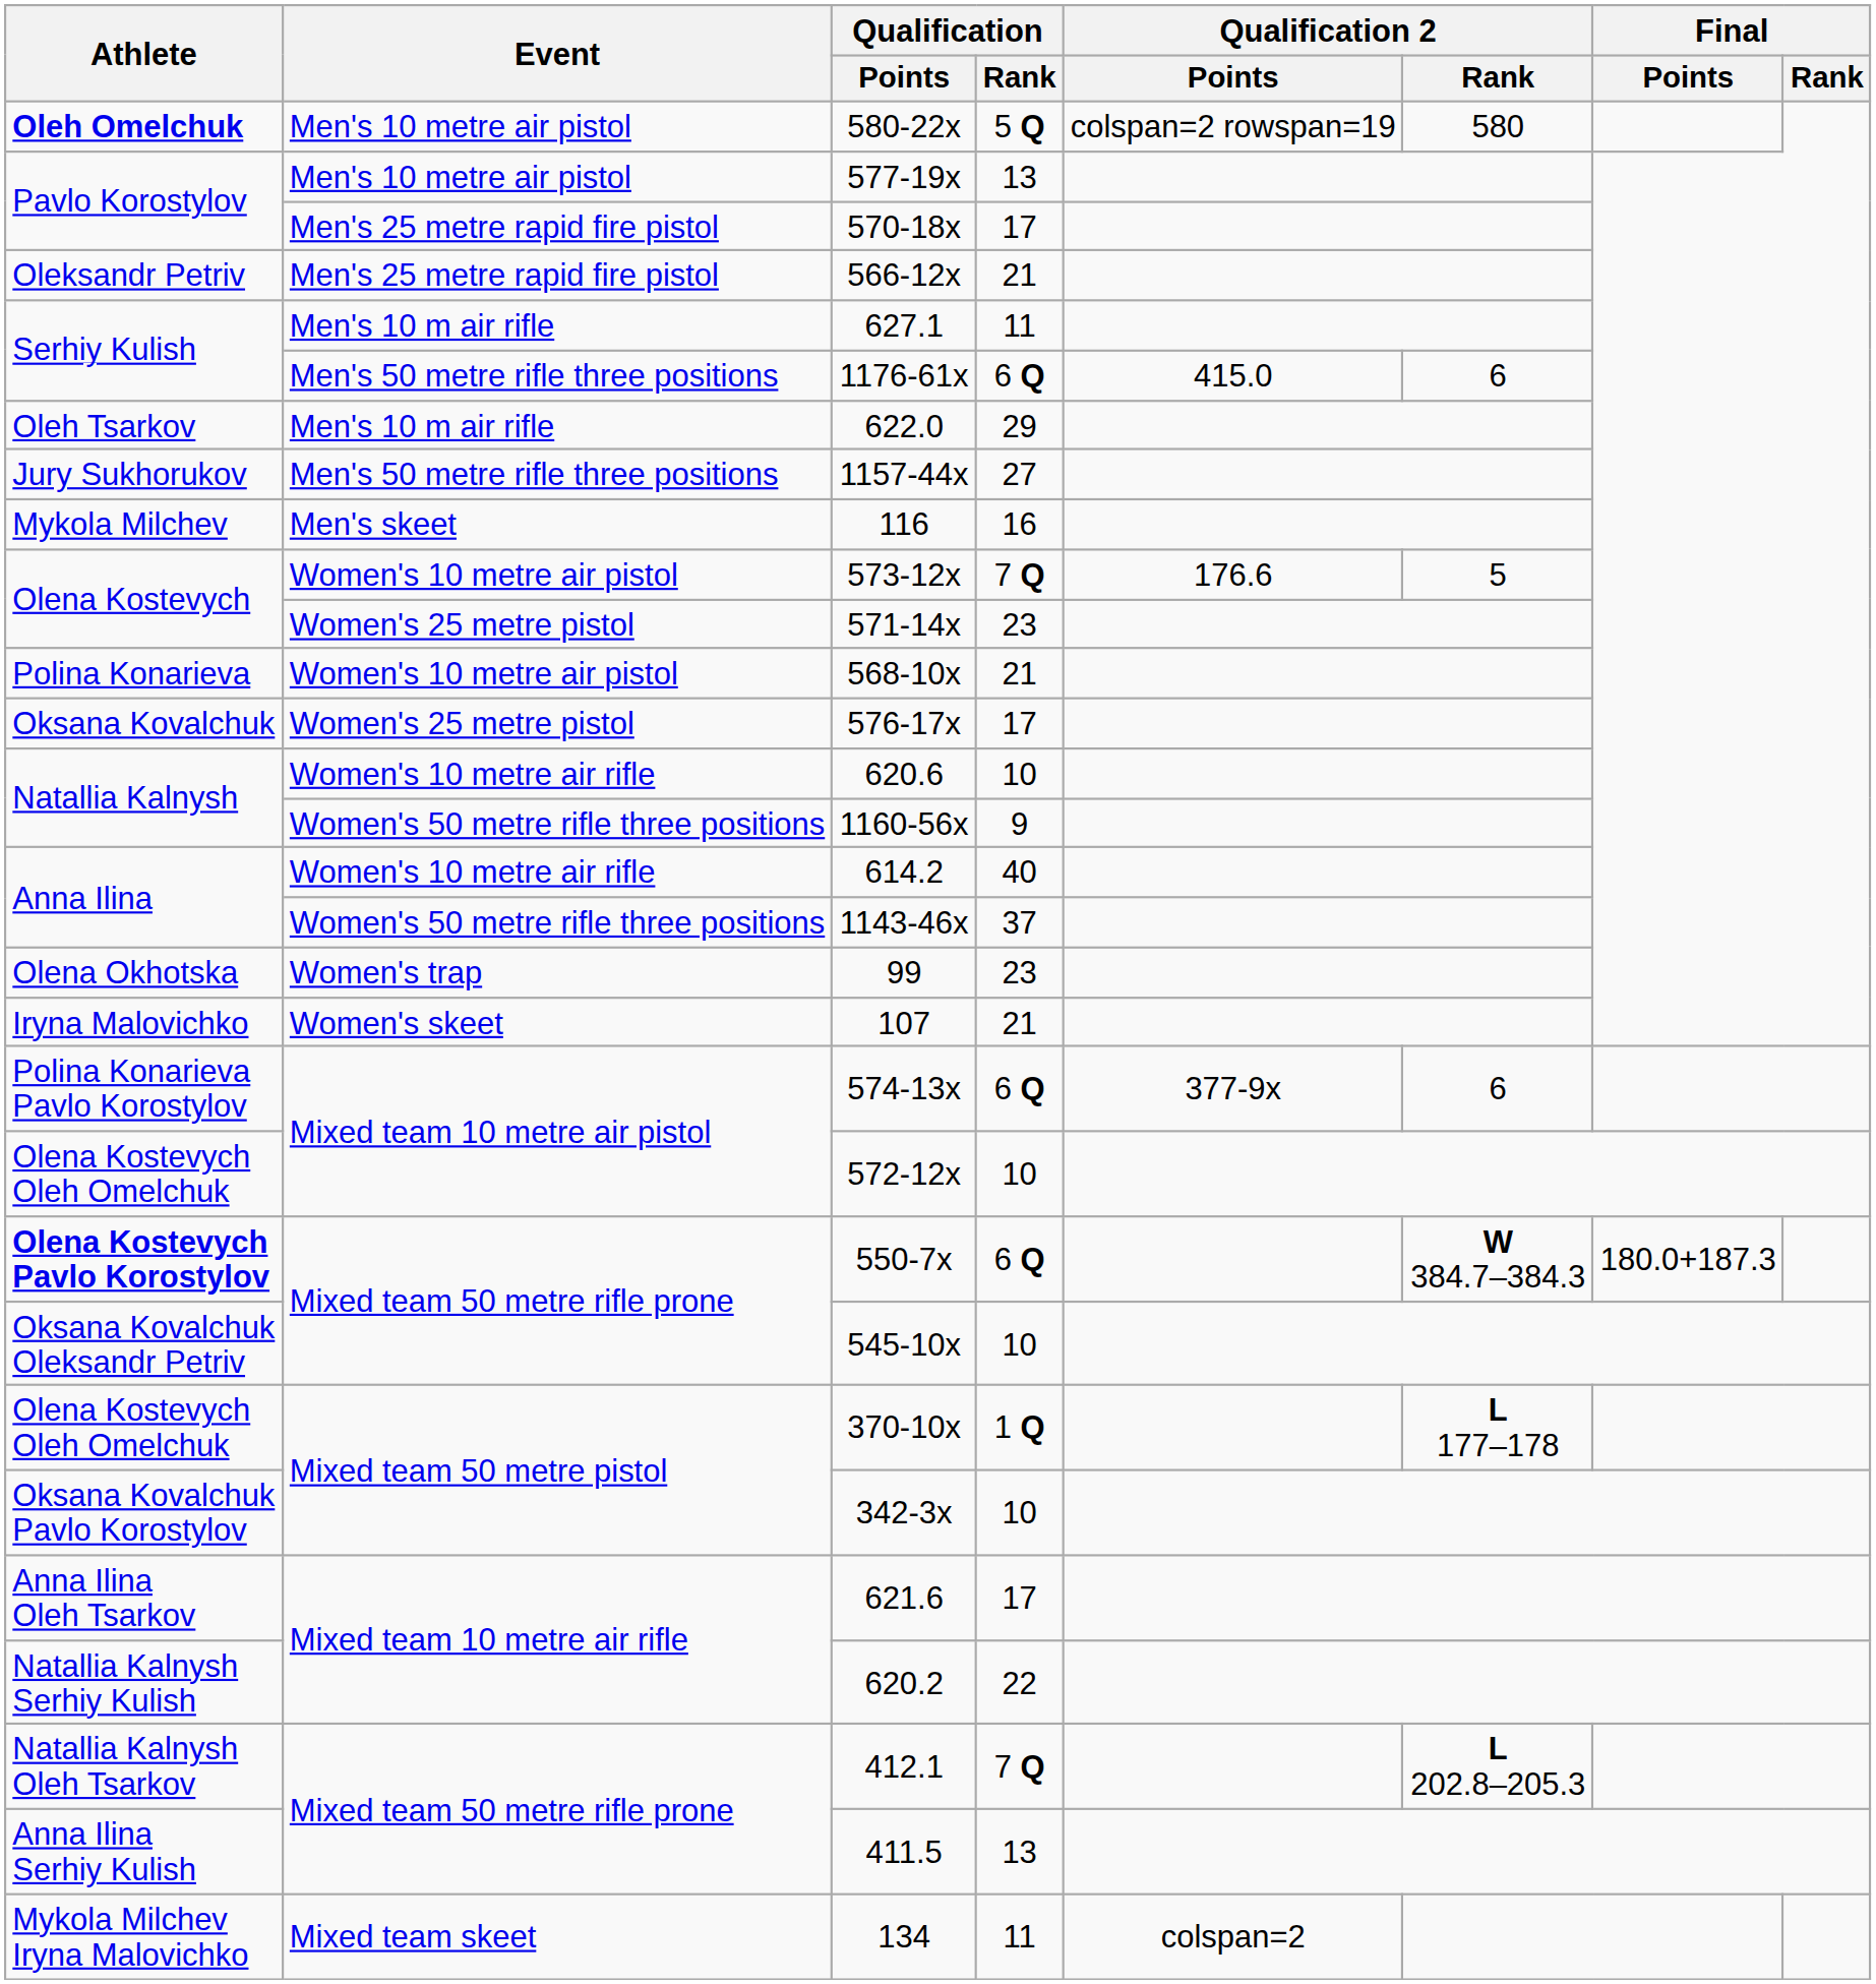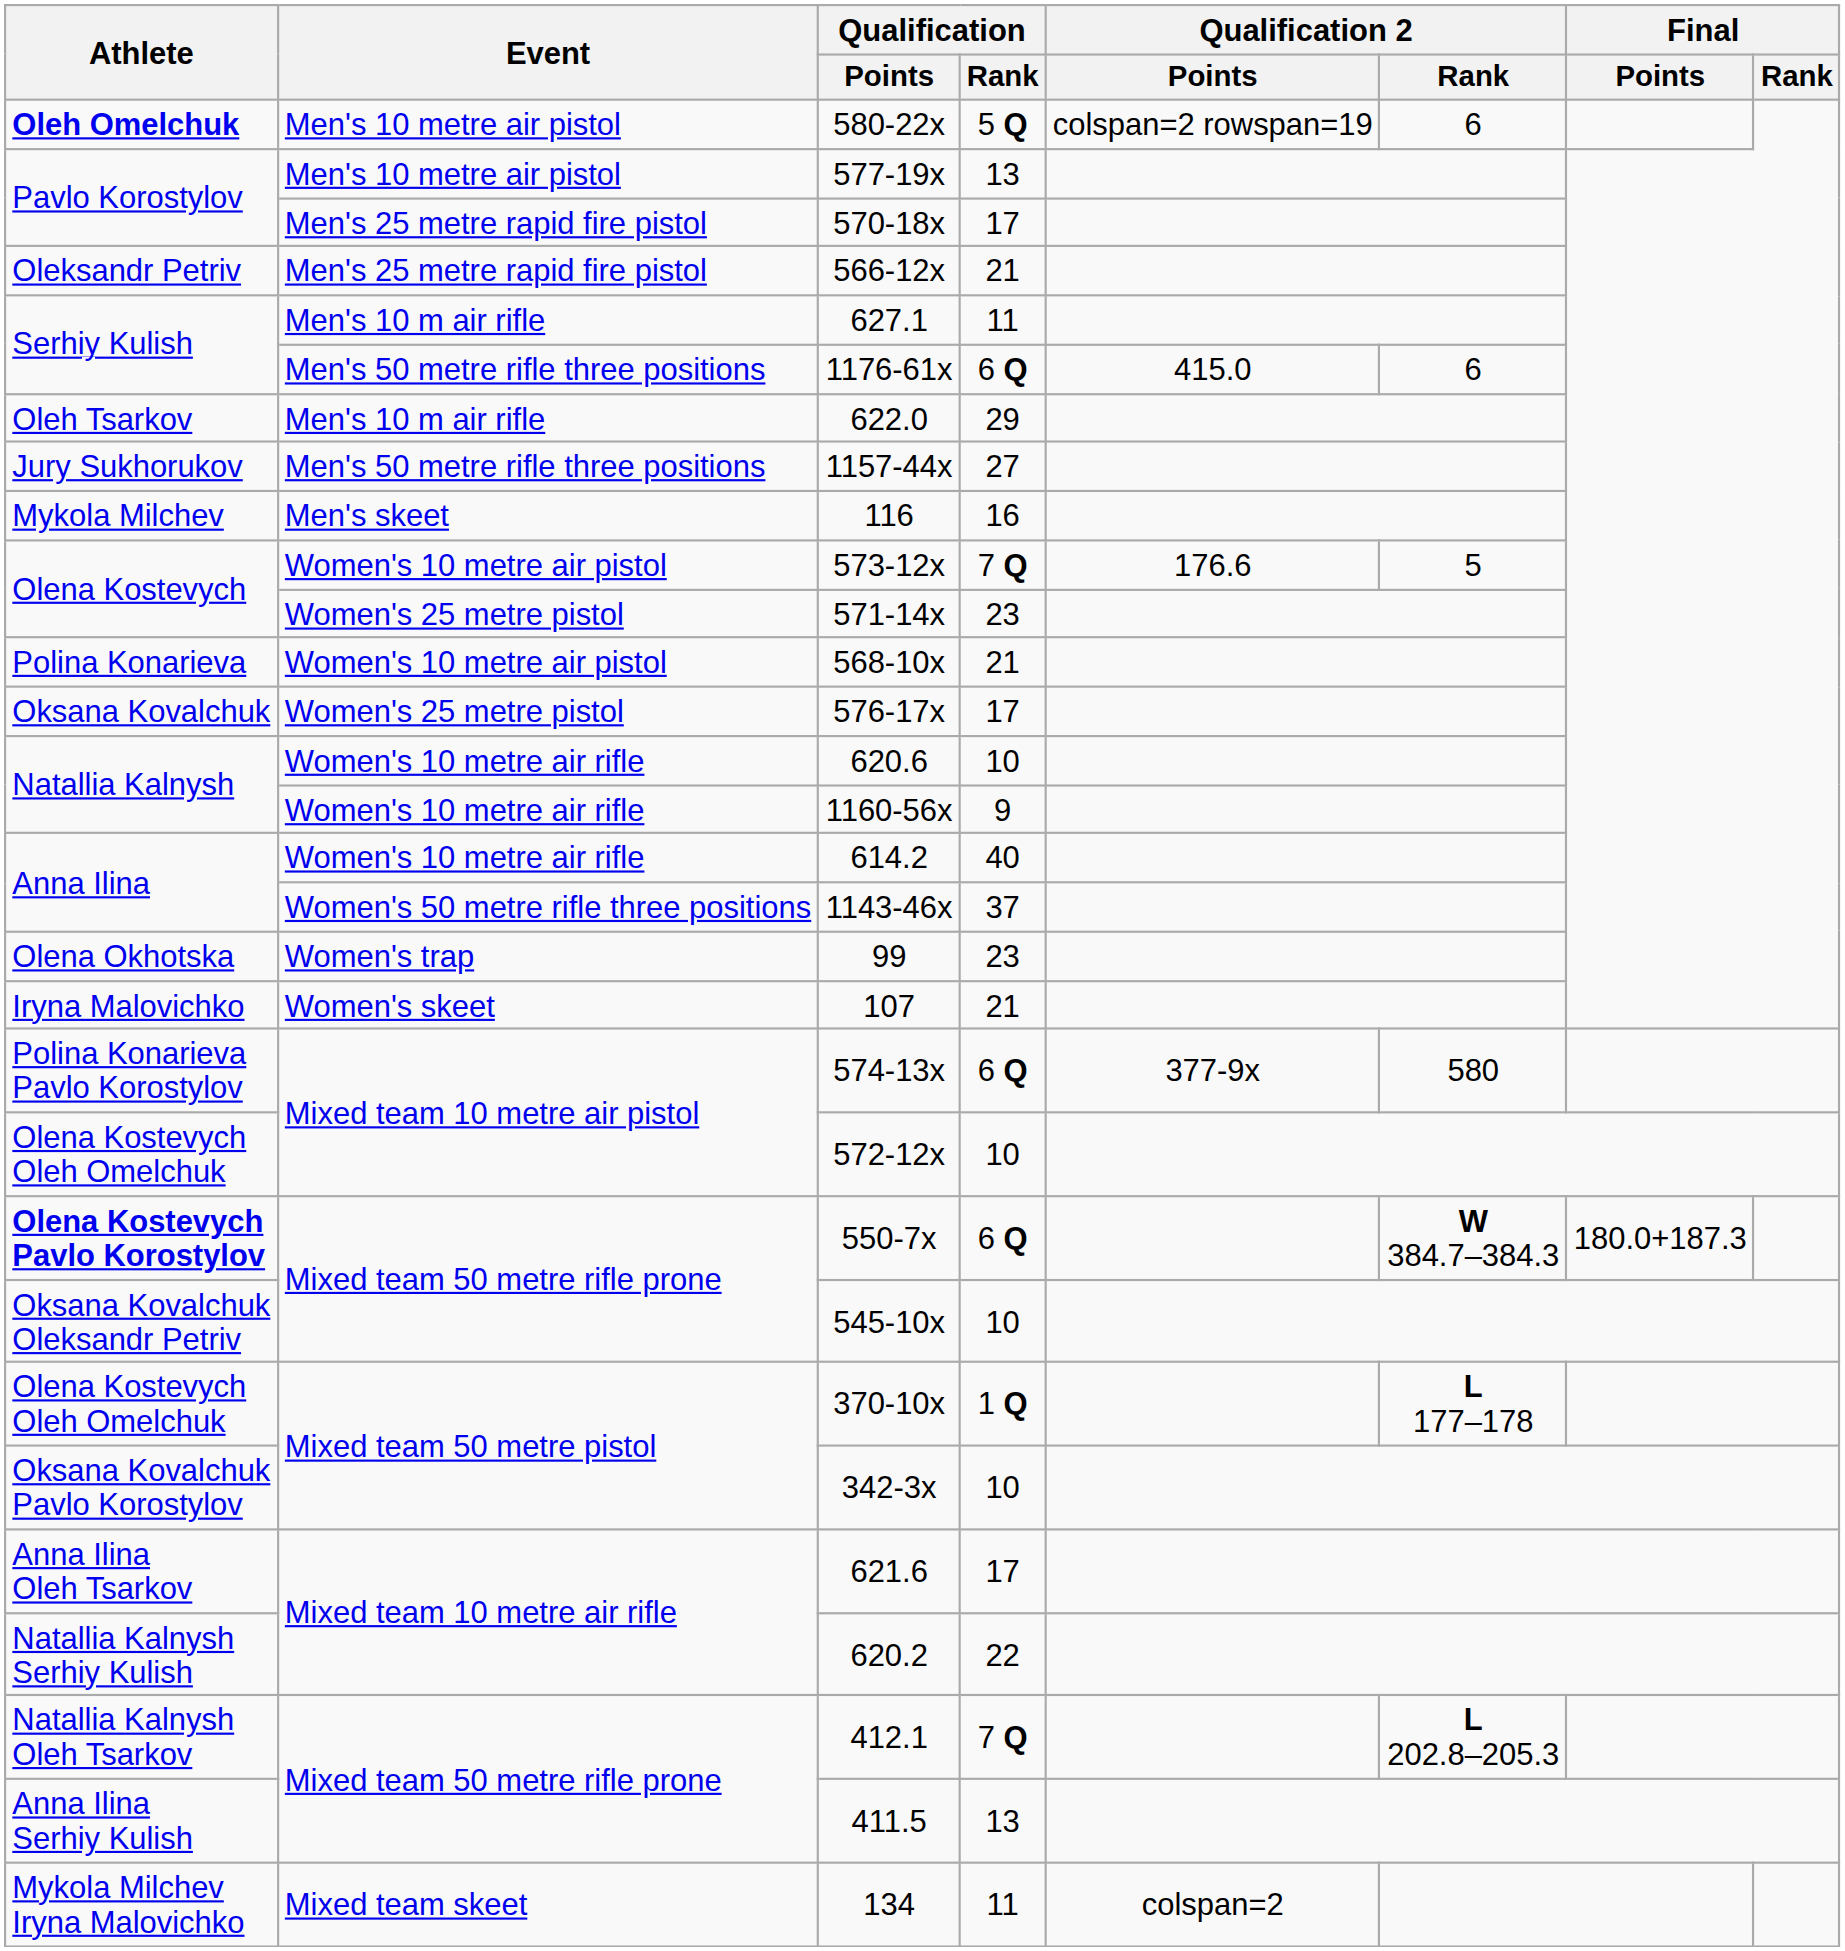 <table class="wikitable" style="font-size:90%">
 <tr>
 <th rowspan="2">Athlete</th>
 <th rowspan="2">Event</th>
 <th colspan=2>Qualification</th>
 <th colspan=2>Qualification 2</th>
 <th colspan=2>Final</th>
 </tr>
 <tr style="font-size:95%">
 <th>Points</th>
 <th>Rank</th>
 <th>Points</th>
 <th>Rank</th>
 <th>Points</th>
 <th>Rank</th>
 </tr>
 <tr align=center>
 <td align=left><strong><a href='#'>Oleh Omelchuk</a></strong></td>
 <td align=left><a href='#'>Men's 10 metre air pistol</a></td>
 <td>580-22x</td>
 <td>5 <strong>Q</strong></td>
 <td>colspan=2 rowspan=19 </td>
-<td>580</td>
+<td>6</td>
 <td></td>
 </tr>
 <tr align=center>
 <td align=left rowspan=2><a href='#'>Pavlo Korostylov</a></td>
 <td align=left><a href='#'>Men's 10 metre air pistol</a></td>
 <td>577-19x</td>
 <td>13</td>
 <td colspan=2></td>
 </tr>
 <tr align=center>
 <td align=left><a href='#'>Men's 25 metre rapid fire pistol</a></td>
 <td>570-18x</td>
 <td>17</td>
 <td colspan=2></td>
 </tr>
 <tr align=center>
 <td align=left><a href='#'>Oleksandr Petriv</a></td>
 <td align=left><a href='#'>Men's 25 metre rapid fire pistol</a></td>
 <td>566-12x</td>
 <td>21</td>
 <td colspan=2></td>
 </tr>
 <tr align=center>
 <td align=left rowspan=2><a href='#'>Serhiy Kulish</a></td>
 <td align=left><a href='#'>Men's 10 m air rifle</a></td>
 <td>627.1</td>
 <td>11</td>
 <td colspan=2></td>
 </tr>
 <tr align=center>
 <td align=left><a href='#'>Men's 50 metre rifle three positions</a></td>
 <td>1176-61x</td>
 <td>6 <strong>Q</strong></td>
 <td>415.0</td>
 <td>6</td>
 </tr>
 <tr align=center>
 <td align=left><a href='#'>Oleh Tsarkov</a></td>
 <td align=left><a href='#'>Men's 10 m air rifle</a></td>
 <td>622.0</td>
 <td>29</td>
 <td colspan=2></td>
 </tr>
 <tr align=center>
 <td align=left><a href='#'>Jury Sukhorukov</a></td>
 <td align=left><a href='#'>Men's 50 metre rifle three positions</a></td>
 <td>1157-44x</td>
 <td>27</td>
 <td colspan=2></td>
 </tr>
 <tr align=center>
 <td align=left><a href='#'>Mykola Milchev</a></td>
 <td align=left><a href='#'>Men's skeet</a></td>
 <td>116</td>
 <td>16</td>
 <td colspan=2></td>
 </tr>
 <tr align=center>
 <td align=left rowspan=2><a href='#'>Olena Kostevych</a></td>
 <td align=left><a href='#'>Women's 10 metre air pistol</a></td>
 <td>573-12x</td>
 <td>7 <strong>Q</strong></td>
 <td>176.6</td>
 <td>5</td>
 </tr>
 <tr align=center>
 <td align=left><a href='#'>Women's 25 metre pistol</a></td>
 <td>571-14x</td>
 <td>23</td>
 <td colspan=2></td>
 </tr>
 <tr align=center>
 <td align=left><a href='#'>Polina Konarieva</a></td>
 <td align=left><a href='#'>Women's 10 metre air pistol</a></td>
 <td>568-10x</td>
 <td>21</td>
 <td colspan=2></td>
 </tr>
 <tr align=center>
 <td align=left><a href='#'>Oksana Kovalchuk</a></td>
 <td align=left><a href='#'>Women's 25 metre pistol</a></td>
 <td>576-17x</td>
 <td>17</td>
 <td colspan=2></td>
 </tr>
 <tr align=center>
 <td align=left rowspan=2><a href='#'>Natallia Kalnysh</a></td>
 <td align=left><a href='#'>Women's 10 metre air rifle</a></td>
 <td>620.6</td>
 <td>10</td>
 <td colspan=2></td>
 </tr>
 <tr align=center>
-<td align=left><a href='#'>Women's 50 metre rifle three positions</a></td>
+<td align=left><a href='#'>Women's 10 metre air rifle</a></td>
 <td>1160-56x</td>
 <td>9</td>
 <td colspan=2></td>
 </tr>
 <tr align=center>
 <td align=left rowspan=2><a href='#'>Anna Ilina</a></td>
 <td align=left><a href='#'>Women's 10 metre air rifle</a></td>
 <td>614.2</td>
 <td>40</td>
 <td colspan=2></td>
 </tr>
 <tr align=center>
 <td align=left><a href='#'>Women's 50 metre rifle three positions</a></td>
 <td>1143-46x</td>
 <td>37</td>
 <td colspan=2></td>
 </tr>
 <tr align=center>
 <td align=left><a href='#'>Olena Okhotska</a></td>
 <td align=left><a href='#'>Women's trap</a></td>
 <td>99</td>
 <td>23</td>
 <td colspan=2></td>
 </tr>
 <tr align=center>
 <td align=left><a href='#'>Iryna Malovichko</a></td>
 <td align=left><a href='#'>Women's skeet</a></td>
 <td>107</td>
 <td>21</td>
 <td colspan=2></td>
 </tr>
 <tr align=center>
 <td align=left><a href='#'>Polina Konarieva</a><br><a href='#'>Pavlo Korostylov</a></td>
 <td align=left rowspan=2><a href='#'>Mixed team 10 metre air pistol</a></td>
 <td>574-13x</td>
 <td>6 <strong>Q</strong></td>
 <td>377-9x</td>
-<td>6</td>
+<td>580</td>
 <td colspan=2></td>
 </tr>
 <tr align=center>
 <td align=left><a href='#'>Olena Kostevych</a><br><a href='#'>Oleh Omelchuk</a></td>
 <td>572-12x</td>
 <td>10</td>
 <td colspan=4></td>
 </tr>
 <tr align=center>
 <td align=left><strong><a href='#'>Olena Kostevych</a><br><a href='#'>Pavlo Korostylov</a></strong></td>
 <td align=left rowspan=2><a href='#'>Mixed team 50 metre rifle prone</a></td>
 <td>550-7x</td>
 <td>6 <strong>Q</strong></td>
 <td></td>
 <td><strong>W</strong><br>384.7–384.3</td>
 <td>180.0+187.3</td>
 <td></td>
 </tr>
 <tr align=center>
 <td align=left><a href='#'>Oksana Kovalchuk</a><br><a href='#'>Oleksandr Petriv</a></td>
 <td>545-10x</td>
 <td>10</td>
 <td colspan=4></td>
 </tr>
 <tr align=center>
 <td align=left><a href='#'>Olena Kostevych</a><br><a href='#'>Oleh Omelchuk</a></td>
 <td align=left rowspan=2><a href='#'>Mixed team 50 metre pistol</a></td>
 <td>370-10x</td>
 <td>1 <strong>Q</strong></td>
 <td></td>
 <td><strong>L</strong><br>177–178</td>
 <td colspan=2></td>
 </tr>
 <tr align=center>
 <td align=left><a href='#'>Oksana Kovalchuk</a><br><a href='#'>Pavlo Korostylov</a></td>
 <td>342-3x</td>
 <td>10</td>
 <td colspan=4></td>
 </tr>
 <tr align=center>
 <td align=left><a href='#'>Anna Ilina</a><br><a href='#'>Oleh Tsarkov</a></td>
 <td align=left rowspan=2><a href='#'>Mixed team 10 metre air rifle</a></td>
 <td>621.6</td>
 <td>17</td>
 <td colspan=4></td>
 </tr>
 <tr align=center>
 <td align=left><a href='#'>Natallia Kalnysh</a><br><a href='#'>Serhiy Kulish</a></td>
 <td>620.2</td>
 <td>22</td>
 <td colspan=4></td>
 </tr>
 <tr align=center>
 <td align=left><a href='#'>Natallia Kalnysh</a><br><a href='#'>Oleh Tsarkov</a></td>
 <td align=left rowspan=2><a href='#'>Mixed team 50 metre rifle prone</a></td>
 <td>412.1</td>
 <td>7 <strong>Q</strong></td>
 <td></td>
 <td><strong>L</strong><br>202.8–205.3</td>
 <td colspan=2></td>
 </tr>
 <tr align=center>
 <td align=left><a href='#'>Anna Ilina</a><br><a href='#'>Serhiy Kulish</a></td>
 <td>411.5</td>
 <td>13</td>
 <td colspan=4></td>
 </tr>
 <tr align=center>
 <td align=left><a href='#'>Mykola Milchev</a><br><a href='#'>Iryna Malovichko</a></td>
 <td align=left><a href='#'>Mixed team skeet</a></td>
 <td>134</td>
 <td>11</td>
 <td>colspan=2 </td>
 <td colspan=2></td>
 </tr>
 </table>
